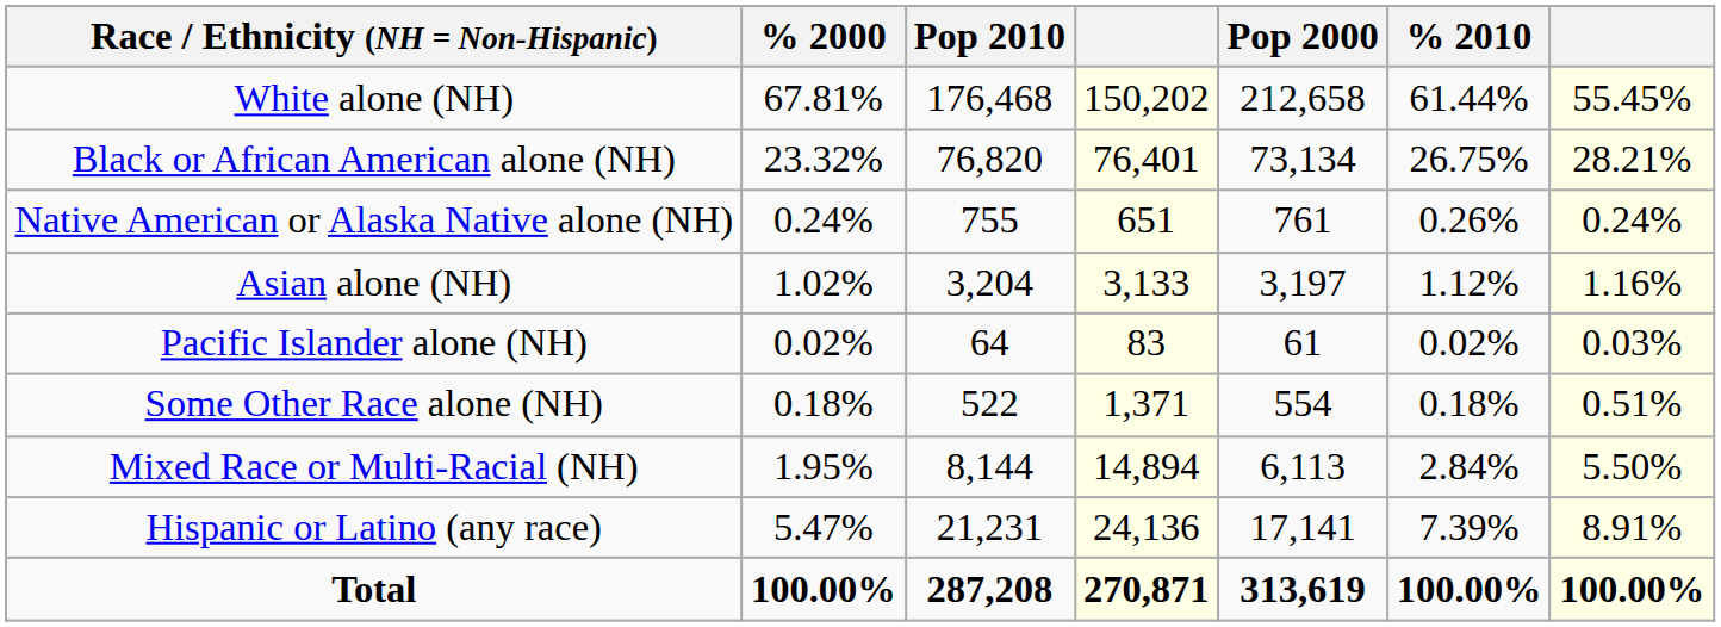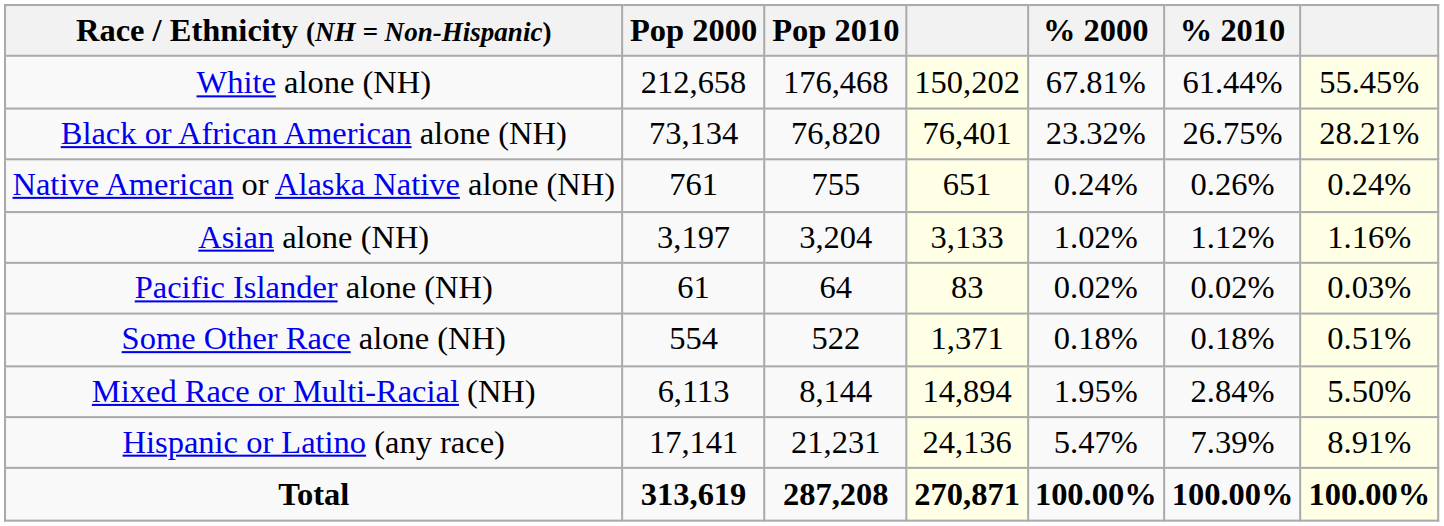 <table class="wikitable" style="text-align:center;">
 <tr>
 <th>Race / Ethnicity <small>(<em>NH = Non-Hispanic</em>)</small></th>
-<th>% 2000</th>
+<th>Pop 2000</th>
 <th>Pop 2010</th>
 <th></th>
-<th>Pop 2000</th>
+<th>% 2000</th>
 <th>% 2010</th>
 <th></th>
 </tr>
 <tr>
 <td><a href='#'>White</a> alone (NH)</td>
-<td>67.81%</td>
+<td>212,658</td>
 <td>176,468</td>
 <td style='background: #ffffe6;'>150,202</td>
-<td>212,658</td>
+<td>67.81%</td>
 <td>61.44%</td>
 <td style='background: #ffffe6;'>55.45%</td>
 </tr>
 <tr>
 <td><a href='#'>Black or African American</a> alone (NH)</td>
-<td>23.32%</td>
+<td>73,134</td>
 <td>76,820</td>
 <td style='background: #ffffe6;'>76,401</td>
-<td>73,134</td>
+<td>23.32%</td>
 <td>26.75%</td>
 <td style='background: #ffffe6;'>28.21%</td>
 </tr>
 <tr>
 <td><a href='#'>Native American</a> or <a href='#'>Alaska Native</a> alone (NH)</td>
-<td>0.24%</td>
+<td>761</td>
 <td>755</td>
 <td style='background: #ffffe6;'>651</td>
-<td>761</td>
+<td>0.24%</td>
 <td>0.26%</td>
 <td style='background: #ffffe6;'>0.24%</td>
 </tr>
 <tr>
 <td><a href='#'>Asian</a> alone (NH)</td>
-<td>1.02%</td>
+<td>3,197</td>
 <td>3,204</td>
 <td style='background: #ffffe6;'>3,133</td>
-<td>3,197</td>
+<td>1.02%</td>
 <td>1.12%</td>
 <td style='background: #ffffe6;'>1.16%</td>
 </tr>
 <tr>
 <td><a href='#'>Pacific Islander</a> alone (NH)</td>
-<td>0.02%</td>
+<td>61</td>
 <td>64</td>
 <td style='background: #ffffe6;'>83</td>
-<td>61</td>
+<td>0.02%</td>
 <td>0.02%</td>
 <td style='background: #ffffe6;'>0.03%</td>
 </tr>
 <tr>
 <td><a href='#'>Some Other Race</a> alone (NH)</td>
-<td>0.18%</td>
+<td>554</td>
 <td>522</td>
 <td style='background: #ffffe6;'>1,371</td>
-<td>554</td>
+<td>0.18%</td>
 <td>0.18%</td>
 <td style='background: #ffffe6;'>0.51%</td>
 </tr>
 <tr>
 <td><a href='#'>Mixed Race or Multi-Racial</a> (NH)</td>
-<td>1.95%</td>
+<td>6,113</td>
 <td>8,144</td>
 <td style='background: #ffffe6;'>14,894</td>
-<td>6,113</td>
+<td>1.95%</td>
 <td>2.84%</td>
 <td style='background: #ffffe6;'>5.50%</td>
 </tr>
 <tr>
 <td><a href='#'>Hispanic or Latino</a> (any race)</td>
-<td>5.47%</td>
+<td>17,141</td>
 <td>21,231</td>
 <td style='background: #ffffe6;'>24,136</td>
-<td>17,141</td>
+<td>5.47%</td>
 <td>7.39%</td>
 <td style='background: #ffffe6;'>8.91%</td>
 </tr>
 <tr>
 <td><strong>Total</strong></td>
-<td><strong>100.00%</strong></td>
+<td><strong>313,619</strong></td>
 <td><strong>287,208</strong></td>
 <td style='background: #ffffe6;'><strong>270,871</strong></td>
-<td><strong>313,619</strong></td>
+<td><strong>100.00%</strong></td>
 <td><strong>100.00%</strong></td>
 <td style='background: #ffffe6;'><strong>100.00%</strong></td>
 </tr>
 </table>
